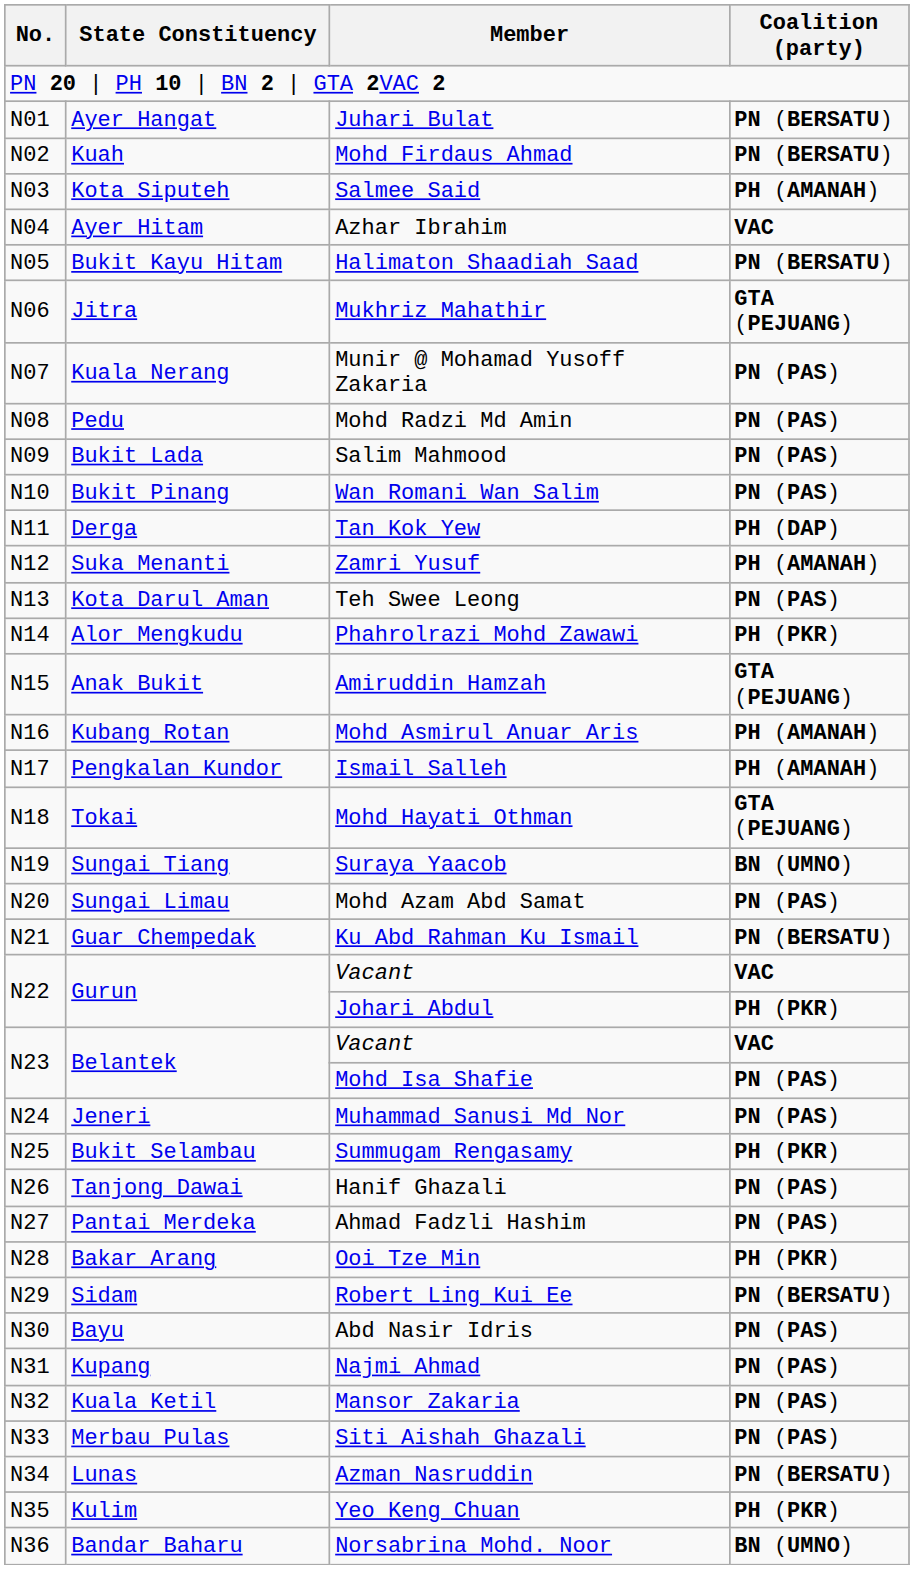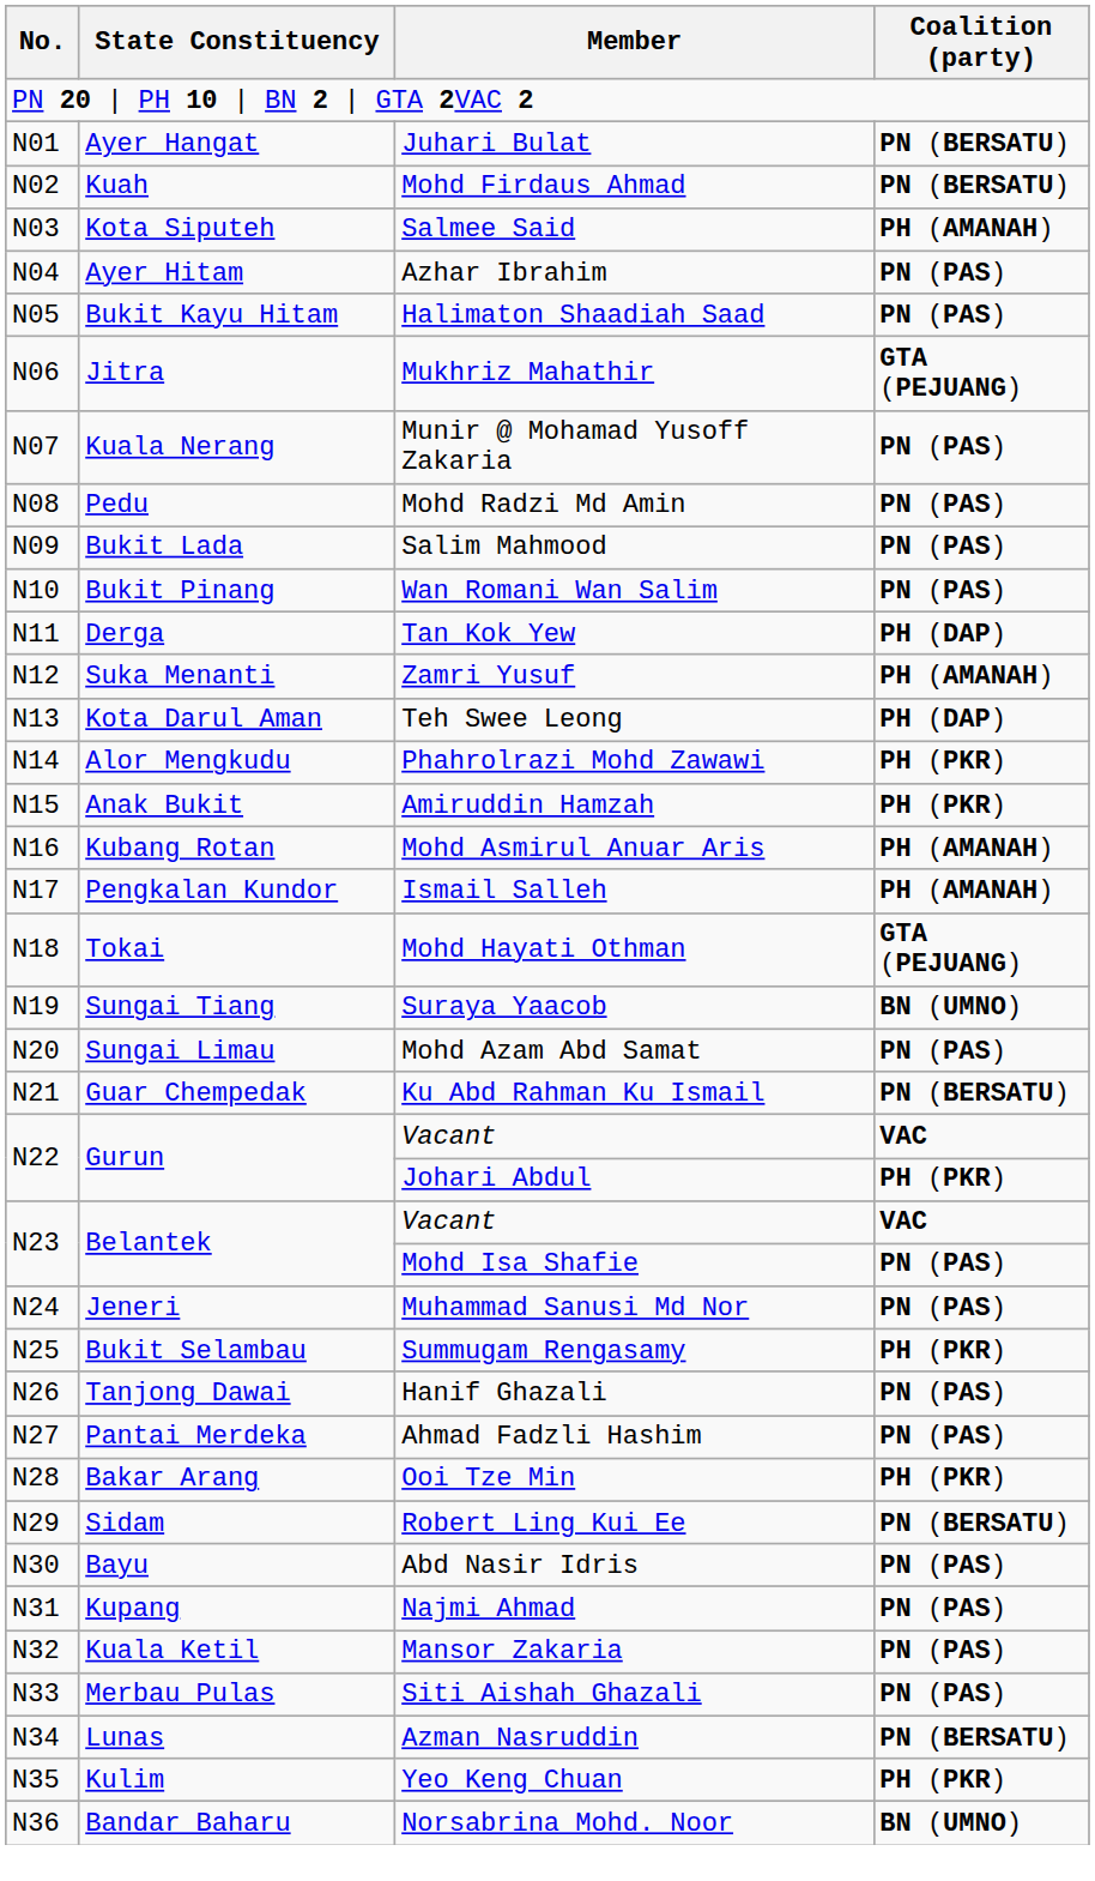 <table class="wikitable sortable">
 <tr>
 <th style="width:30px;">No.</th>
 <th style="width:150px;">State Constituency</th>
 <th style="width:230px;">Member</th>
 <th style="width:100px;">Coalition (party)</th>
 </tr>
 <tr>
 <td colspan="7"><a href='#'>PN</a> <strong>20</strong> | <a href='#'>PH</a> <strong>10</strong> | <a href='#'>BN</a> <strong>2</strong> | <a href='#'>GTA</a> <strong>2</strong><a href='#'>VAC</a> <strong>2</strong></td>
 </tr>
 <tr>
 <td>N01</td>
 <td><a href='#'>Ayer Hangat</a></td>
 <td><a href='#'>Juhari Bulat</a></td>
 <td style="background:"><strong>PN</strong> (<strong>BERSATU</strong>)</td>
 </tr>
 <tr>
 <td>N02</td>
 <td><a href='#'>Kuah</a></td>
 <td><a href='#'>Mohd Firdaus Ahmad</a></td>
 <td style="background:"><strong>PN</strong> (<strong>BERSATU</strong>)</td>
 </tr>
 <tr>
 <td>N03</td>
 <td><a href='#'>Kota Siputeh</a></td>
 <td><a href='#'>Salmee Said</a></td>
 <td style="background:"><strong>PH</strong> (<strong>AMANAH</strong>)</td>
 </tr>
 <tr>
 <td>N04</td>
 <td><a href='#'>Ayer Hitam</a></td>
 <td>Azhar Ibrahim</td>
-<td><strong>VAC</strong></td>
+<td style="background:"><strong>PN</strong> (<strong>PAS</strong>)</td>
 </tr>
 <tr>
 <td>N05</td>
 <td><a href='#'>Bukit Kayu Hitam</a></td>
 <td><a href='#'>Halimaton Shaadiah Saad</a></td>
-<td style="background:"><strong>PN</strong> (<strong>BERSATU</strong>)</td>
+<td style="background:"><strong>PN</strong> (<strong>PAS</strong>)</td>
 </tr>
 <tr>
 <td>N06</td>
 <td><a href='#'>Jitra</a></td>
 <td><a href='#'>Mukhriz Mahathir</a></td>
 <td style="background:"><strong>GTA</strong> (<strong>PEJUANG</strong>)</td>
 </tr>
 <tr>
 <td>N07</td>
 <td><a href='#'>Kuala Nerang</a></td>
 <td>Munir @ Mohamad Yusoff Zakaria</td>
 <td style="background:"><strong>PN</strong> (<strong>PAS</strong>)</td>
 </tr>
 <tr>
 <td>N08</td>
 <td><a href='#'>Pedu</a></td>
 <td>Mohd Radzi Md Amin</td>
 <td style="background:"><strong>PN</strong> (<strong>PAS</strong>)</td>
 </tr>
 <tr>
 <td>N09</td>
 <td><a href='#'>Bukit Lada</a></td>
 <td>Salim Mahmood</td>
 <td style="background:"><strong>PN</strong> (<strong>PAS</strong>)</td>
 </tr>
 <tr>
 <td>N10</td>
 <td><a href='#'>Bukit Pinang</a></td>
 <td><a href='#'>Wan Romani Wan Salim</a></td>
 <td style="background:"><strong>PN</strong> (<strong>PAS</strong>)</td>
 </tr>
 <tr>
 <td>N11</td>
 <td><a href='#'>Derga</a></td>
 <td><a href='#'>Tan Kok Yew</a></td>
 <td style="background:"><strong>PH</strong> (<strong>DAP</strong>)</td>
 </tr>
 <tr>
 <td>N12</td>
 <td><a href='#'>Suka Menanti</a></td>
 <td><a href='#'>Zamri Yusuf</a></td>
 <td style="background:"><strong>PH</strong> (<strong>AMANAH</strong>)</td>
 </tr>
 <tr>
 <td>N13</td>
 <td><a href='#'>Kota Darul Aman</a></td>
 <td>Teh Swee Leong</td>
-<td style="background:"><strong>PN</strong> (<strong>PAS</strong>)</td>
+<td style="background:"><strong>PH</strong> (<strong>DAP</strong>)</td>
 </tr>
 <tr>
 <td>N14</td>
 <td><a href='#'>Alor Mengkudu</a></td>
 <td><a href='#'>Phahrolrazi Mohd Zawawi</a></td>
 <td style="background:"><strong>PH</strong> (<strong>PKR</strong>)</td>
 </tr>
 <tr>
 <td>N15</td>
 <td><a href='#'>Anak Bukit</a></td>
 <td><a href='#'>Amiruddin Hamzah</a></td>
-<td style="background:"><strong>GTA</strong> (<strong>PEJUANG</strong>)</td>
+<td style="background:"><strong>PH</strong> (<strong>PKR</strong>)</td>
 </tr>
 <tr>
 <td>N16</td>
 <td><a href='#'>Kubang Rotan</a></td>
 <td><a href='#'>Mohd Asmirul Anuar Aris</a></td>
 <td style="background:"><strong>PH</strong> (<strong>AMANAH</strong>)</td>
 </tr>
 <tr>
 <td>N17</td>
 <td><a href='#'>Pengkalan Kundor</a></td>
 <td><a href='#'>Ismail Salleh</a></td>
 <td style="background:"><strong>PH</strong> (<strong>AMANAH</strong>)</td>
 </tr>
 <tr>
 <td>N18</td>
 <td><a href='#'>Tokai</a></td>
 <td><a href='#'>Mohd Hayati Othman</a></td>
 <td style="background:"><strong>GTA</strong> (<strong>PEJUANG</strong>)</td>
 </tr>
 <tr>
 <td>N19</td>
 <td><a href='#'>Sungai Tiang</a></td>
 <td><a href='#'>Suraya Yaacob</a></td>
 <td style="background:"><strong>BN</strong> (<strong>UMNO</strong>)</td>
 </tr>
 <tr>
 <td>N20</td>
 <td><a href='#'>Sungai Limau</a></td>
 <td>Mohd Azam Abd Samat</td>
 <td style="background:"><strong>PN</strong> (<strong>PAS</strong>)</td>
 </tr>
 <tr>
 <td>N21</td>
 <td><a href='#'>Guar Chempedak</a></td>
 <td><a href='#'>Ku Abd Rahman Ku Ismail</a></td>
 <td style="background:"><strong>PN</strong> (<strong>BERSATU</strong>)</td>
 </tr>
 <tr>
 <td rowspan="2">N22</td>
 <td rowspan="2"><a href='#'>Gurun</a></td>
 <td><em>Vacant</em></td>
 <td><strong>VAC</strong></td>
 </tr>
 <tr>
 <td><a href='#'>Johari Abdul</a> </td>
 <td style="background:"><strong>PH</strong> (<strong>PKR</strong>)</td>
 </tr>
 <tr>
 <td rowspan="2">N23</td>
 <td rowspan="2"><a href='#'>Belantek</a></td>
 <td><em>Vacant</em></td>
 <td><strong>VAC</strong></td>
 </tr>
 <tr>
 <td><a href='#'>Mohd Isa Shafie</a> </td>
 <td style="background:"><strong>PN</strong> (<strong>PAS</strong>)</td>
 </tr>
 <tr>
 <td>N24</td>
 <td><a href='#'>Jeneri</a></td>
 <td><a href='#'>Muhammad Sanusi Md Nor</a></td>
 <td style="background:"><strong>PN</strong> (<strong>PAS</strong>)</td>
 </tr>
 <tr>
 <td>N25</td>
 <td><a href='#'>Bukit Selambau</a></td>
 <td><a href='#'>Summugam Rengasamy</a></td>
 <td style="background:"><strong>PH</strong> (<strong>PKR</strong>)</td>
 </tr>
 <tr>
 <td>N26</td>
 <td><a href='#'>Tanjong Dawai</a></td>
 <td>Hanif Ghazali</td>
 <td style="background:"><strong>PN</strong> (<strong>PAS</strong>)</td>
 </tr>
 <tr>
 <td>N27</td>
 <td><a href='#'>Pantai Merdeka</a></td>
 <td>Ahmad Fadzli Hashim</td>
 <td style="background:"><strong>PN</strong> (<strong>PAS</strong>)</td>
 </tr>
 <tr>
 <td>N28</td>
 <td><a href='#'>Bakar Arang</a></td>
 <td><a href='#'>Ooi Tze Min</a></td>
 <td style="background:"><strong>PH</strong> (<strong>PKR</strong>)</td>
 </tr>
 <tr>
 <td>N29</td>
 <td><a href='#'>Sidam</a></td>
 <td><a href='#'>Robert Ling Kui Ee</a></td>
 <td style="background:"><strong>PN</strong> (<strong>BERSATU</strong>)</td>
 </tr>
 <tr>
 <td>N30</td>
 <td><a href='#'>Bayu</a></td>
 <td>Abd Nasir Idris</td>
 <td style="background:"><strong>PN</strong> (<strong>PAS</strong>)</td>
 </tr>
 <tr>
 <td>N31</td>
 <td><a href='#'>Kupang</a></td>
 <td><a href='#'>Najmi Ahmad</a></td>
 <td style="background:"><strong>PN</strong> (<strong>PAS</strong>)</td>
 </tr>
 <tr>
 <td>N32</td>
 <td><a href='#'>Kuala Ketil</a></td>
 <td><a href='#'>Mansor Zakaria</a></td>
 <td style="background:"><strong>PN</strong> (<strong>PAS</strong>)</td>
 </tr>
 <tr>
 <td>N33</td>
 <td><a href='#'>Merbau Pulas</a></td>
 <td><a href='#'>Siti Aishah Ghazali</a></td>
 <td style="background:"><strong>PN</strong> (<strong>PAS</strong>)</td>
 </tr>
 <tr>
 <td>N34</td>
 <td><a href='#'>Lunas</a></td>
 <td><a href='#'>Azman Nasruddin</a></td>
 <td style="background:"><strong>PN</strong> (<strong>BERSATU</strong>)</td>
 </tr>
 <tr>
 <td>N35</td>
 <td><a href='#'>Kulim</a></td>
 <td><a href='#'>Yeo Keng Chuan</a></td>
 <td style="background:"><strong>PH</strong> (<strong>PKR</strong>)</td>
 </tr>
 <tr>
 <td>N36</td>
 <td><a href='#'>Bandar Baharu</a></td>
 <td><a href='#'>Norsabrina Mohd. Noor</a></td>
 <td style="background:"><strong>BN</strong> (<strong>UMNO</strong>)</td>
 </tr>
 </table>
